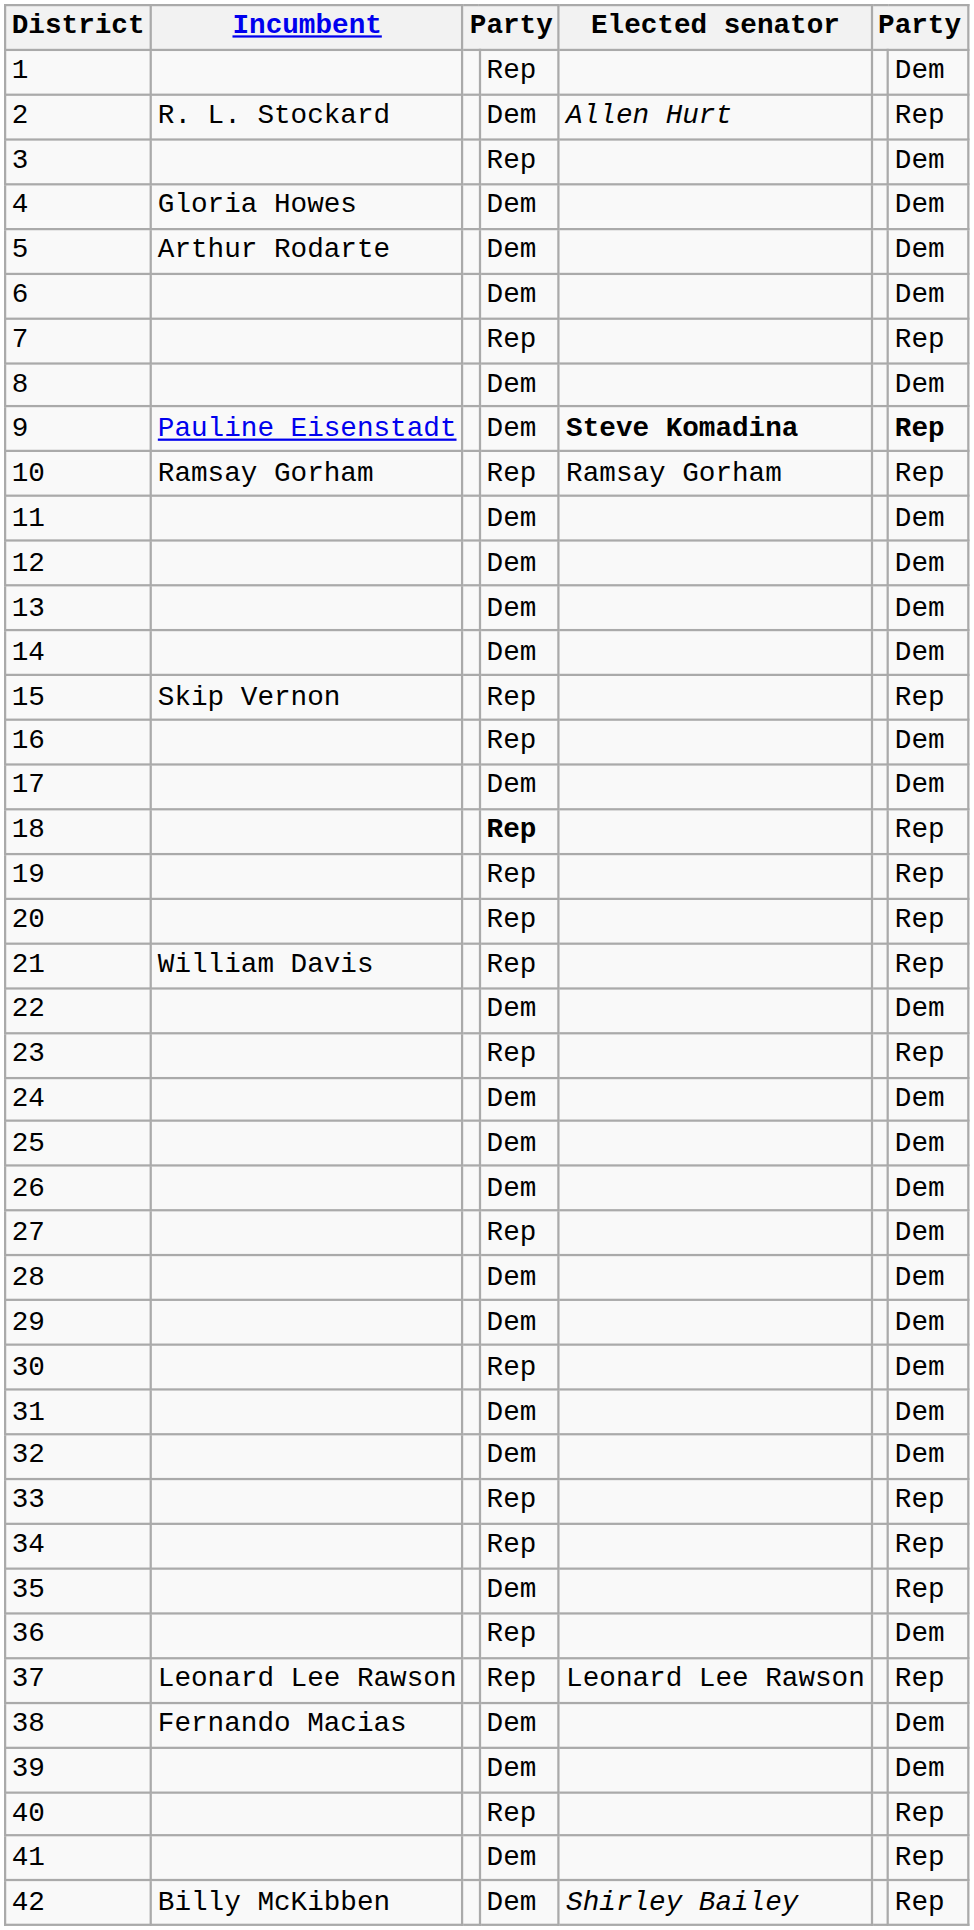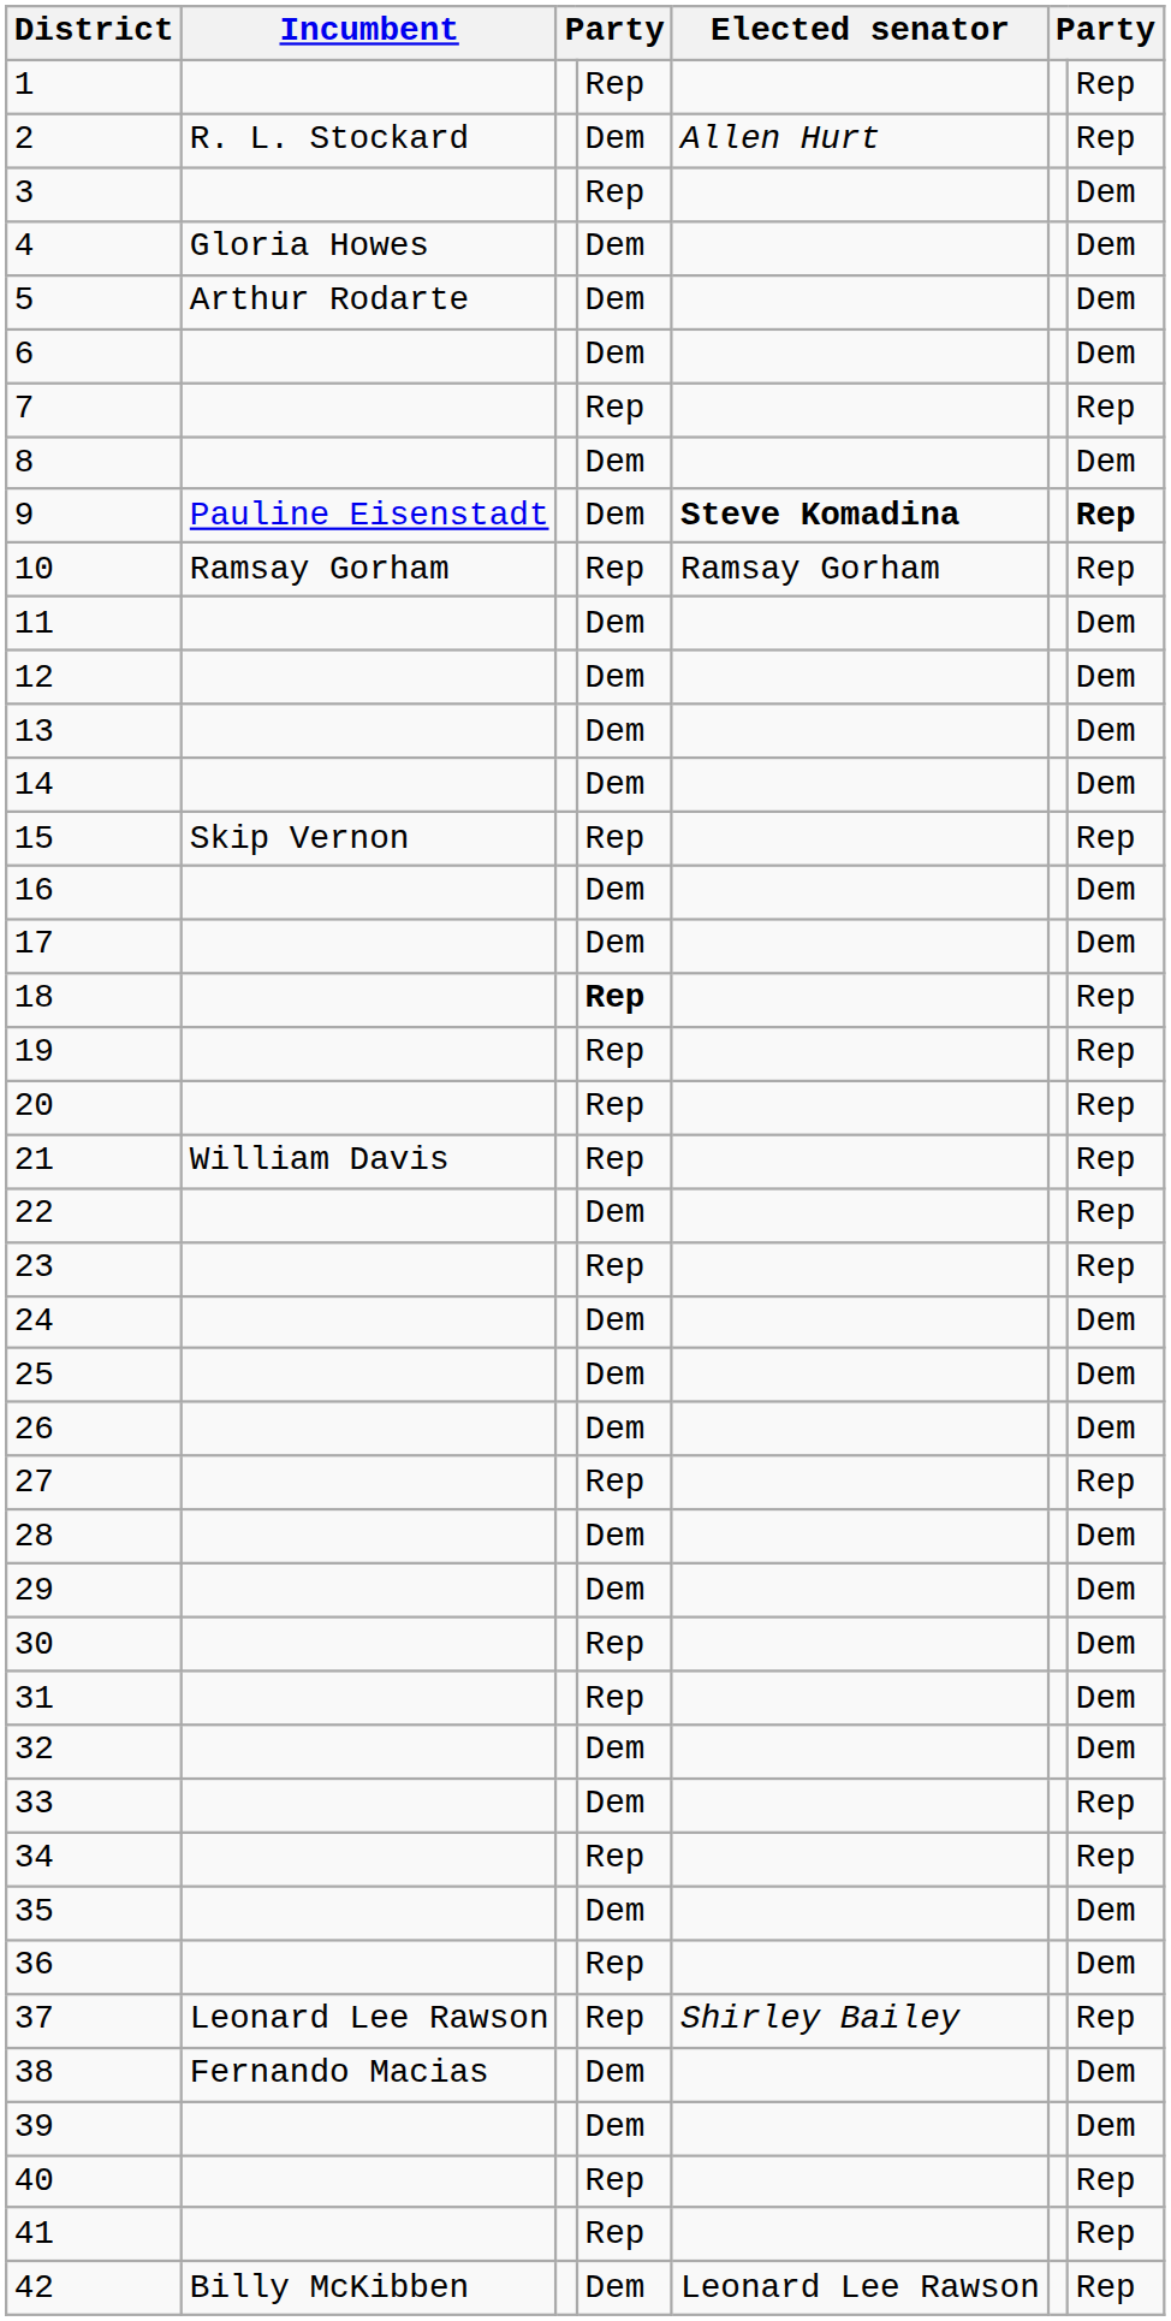 <table class="wikitable sortable" style="font-size:95%;line-height:14px;">
 <tr>
 <th>District</th>
 <th><a href='#'>Incumbent</a></th>
 <th colspan=2>Party</th>
 <th>Elected senator</th>
 <th colspan=2>Party</th>
 </tr>
 <tr>
 <td>1</td>
 <td></td>
 <td style="background:"></td>
 <td>Rep</td>
 <td><em></em></td>
 <td style="background:"></td>
-<td>Dem</td>
+<td>Rep</td>
 </tr>
 <tr>
 <td>2</td>
 <td>R. L. Stockard</td>
 <td style="background:"></td>
 <td>Dem</td>
 <td><em>Allen Hurt</em></td>
 <td style="background:"></td>
 <td>Rep</td>
 </tr>
 <tr>
 <td>3</td>
 <td></td>
 <td style="background:"></td>
 <td>Rep</td>
 <td></td>
 <td style="background:"></td>
 <td>Dem</td>
 </tr>
 <tr>
 <td>4</td>
 <td>Gloria Howes</td>
 <td style="background:"></td>
 <td>Dem</td>
 <td><em></em></td>
 <td style="background:"></td>
 <td>Dem</td>
 </tr>
 <tr>
 <td>5</td>
 <td>Arthur Rodarte</td>
 <td style="background:"></td>
 <td>Dem</td>
 <td><em></em></td>
 <td style="background:"></td>
 <td>Dem</td>
 </tr>
 <tr>
 <td>6</td>
 <td></td>
 <td style="background:"></td>
 <td>Dem</td>
 <td></td>
 <td style="background:"></td>
 <td>Dem</td>
 </tr>
 <tr>
 <td>7</td>
 <td></td>
 <td style="background:"></td>
 <td>Rep</td>
 <td></td>
 <td style="background:"></td>
 <td>Rep</td>
 </tr>
 <tr>
 <td>8</td>
 <td></td>
 <td style="background:"></td>
 <td>Dem</td>
 <td></td>
 <td style="background:"></td>
 <td>Dem</td>
 </tr>
 <tr>
 <td>9</td>
 <td><a href='#'>Pauline Eisenstadt</a></td>
 <td style="background:"></td>
 <td>Dem</td>
 <td><strong>Steve Komadina</strong></td>
 <td style="background:"></td>
 <td><strong>Rep</strong></td>
 </tr>
 <tr>
 <td>10</td>
 <td>Ramsay Gorham</td>
 <td style="background:"></td>
 <td>Rep</td>
 <td>Ramsay Gorham</td>
 <td style="background:"></td>
 <td>Rep</td>
 </tr>
 <tr>
 <td>11</td>
 <td></td>
 <td style="background:"></td>
 <td>Dem</td>
 <td></td>
 <td style="background:"></td>
 <td>Dem</td>
 </tr>
 <tr>
 <td>12</td>
 <td></td>
 <td style="background:"></td>
 <td>Dem</td>
 <td></td>
 <td style="background:"></td>
 <td>Dem</td>
 </tr>
 <tr>
 <td>13</td>
 <td></td>
 <td style="background:"></td>
 <td>Dem</td>
 <td></td>
 <td style="background:"></td>
 <td>Dem</td>
 </tr>
 <tr>
 <td>14</td>
 <td></td>
 <td style="background:"></td>
 <td>Dem</td>
 <td></td>
 <td style="background:"></td>
 <td>Dem</td>
 </tr>
 <tr>
 <td>15</td>
 <td>Skip Vernon</td>
 <td style="background:"></td>
 <td>Rep</td>
 <td><em></em></td>
 <td style="background:"></td>
 <td>Rep</td>
 </tr>
 <tr>
 <td>16</td>
 <td></td>
 <td style="background:"></td>
-<td>Rep</td>
+<td>Dem</td>
 <td></td>
 <td style="background:"></td>
 <td>Dem</td>
 </tr>
 <tr>
 <td>17</td>
 <td></td>
 <td style="background:"></td>
 <td>Dem</td>
 <td></td>
 <td style="background:"></td>
 <td>Dem</td>
 </tr>
 <tr>
 <td>18</td>
 <td></td>
 <td style="background:"></td>
 <td><strong>Rep</strong></td>
 <td></td>
 <td style="background:"></td>
 <td>Rep</td>
 </tr>
 <tr>
 <td>19</td>
 <td></td>
 <td style="background:"></td>
 <td>Rep</td>
 <td></td>
 <td style="background:"></td>
 <td>Rep</td>
 </tr>
 <tr>
 <td>20</td>
 <td></td>
 <td style="background:"></td>
 <td>Rep</td>
 <td></td>
 <td style="background:"></td>
 <td>Rep</td>
 </tr>
 <tr>
 <td>21</td>
 <td>William Davis</td>
 <td style="background:"></td>
 <td>Rep</td>
 <td><em></em></td>
 <td style="background:"></td>
 <td>Rep</td>
 </tr>
 <tr>
 <td>22</td>
 <td></td>
 <td style="background:"></td>
 <td>Dem</td>
 <td></td>
 <td style="background:"></td>
-<td>Dem</td>
+<td>Rep</td>
 </tr>
 <tr>
 <td>23</td>
 <td></td>
 <td style="background:"></td>
 <td>Rep</td>
 <td></td>
 <td style="background:"></td>
 <td>Rep</td>
 </tr>
 <tr>
 <td>24</td>
 <td></td>
 <td style="background:"></td>
 <td>Dem</td>
 <td></td>
 <td style="background:"></td>
 <td>Dem</td>
 </tr>
 <tr>
 <td>25</td>
 <td></td>
 <td style="background:"></td>
 <td>Dem</td>
 <td></td>
 <td style="background:"></td>
 <td>Dem</td>
 </tr>
 <tr>
 <td>26</td>
 <td></td>
 <td style="background:"></td>
 <td>Dem</td>
 <td><em></em></td>
 <td style="background:"></td>
 <td>Dem</td>
 </tr>
 <tr>
 <td>27</td>
 <td></td>
 <td style="background:"></td>
 <td>Rep</td>
 <td></td>
 <td style="background:"></td>
-<td>Dem</td>
+<td>Rep</td>
 </tr>
 <tr>
 <td>28</td>
 <td></td>
 <td style="background:"></td>
 <td>Dem</td>
 <td></td>
 <td style="background:"></td>
 <td>Dem</td>
 </tr>
 <tr>
 <td>29</td>
 <td></td>
 <td style="background:"></td>
 <td>Dem</td>
 <td></td>
 <td style="background:"></td>
 <td>Dem</td>
 </tr>
 <tr>
 <td>30</td>
 <td></td>
 <td style="background:"></td>
 <td>Rep</td>
 <td></td>
 <td style="background:"></td>
 <td>Dem</td>
 </tr>
 <tr>
 <td>31</td>
 <td></td>
 <td style="background:"></td>
-<td>Dem</td>
+<td>Rep</td>
 <td></td>
 <td style="background:"></td>
 <td>Dem</td>
 </tr>
 <tr>
 <td>32</td>
 <td></td>
 <td style="background:"></td>
 <td>Dem</td>
 <td></td>
 <td style="background:"></td>
 <td>Dem</td>
 </tr>
 <tr>
 <td>33</td>
 <td></td>
 <td style="background:"></td>
-<td>Rep</td>
+<td>Dem</td>
 <td></td>
 <td style="background:"></td>
 <td>Rep</td>
 </tr>
 <tr>
 <td>34</td>
 <td></td>
 <td style="background:"></td>
 <td>Rep</td>
 <td></td>
 <td style="background:"></td>
 <td>Rep</td>
 </tr>
 <tr>
 <td>35</td>
 <td></td>
 <td style="background:"></td>
 <td>Dem</td>
 <td></td>
 <td style="background:"></td>
-<td>Rep</td>
+<td>Dem</td>
 </tr>
 <tr>
 <td>36</td>
 <td></td>
 <td style="background:"></td>
 <td>Rep</td>
 <td></td>
 <td style="background:"></td>
 <td>Dem</td>
 </tr>
 <tr>
 <td>37</td>
 <td>Leonard Lee Rawson</td>
 <td style="background:"></td>
 <td>Rep</td>
-<td>Leonard Lee Rawson</td>
+<td><em>Shirley Bailey</em></td>
 <td style="background:"></td>
 <td>Rep</td>
 </tr>
 <tr>
 <td>38</td>
 <td>Fernando Macias</td>
 <td style="background:"></td>
 <td>Dem</td>
 <td><em></em></td>
 <td style="background:"></td>
 <td>Dem</td>
 </tr>
 <tr>
 <td>39</td>
 <td></td>
 <td style="background:"></td>
 <td>Dem</td>
 <td></td>
 <td style="background:"></td>
 <td>Dem</td>
 </tr>
 <tr>
 <td>40</td>
 <td></td>
 <td style="background:"></td>
 <td>Rep</td>
 <td></td>
 <td style="background:"></td>
 <td>Rep</td>
 </tr>
 <tr>
 <td>41</td>
 <td></td>
 <td style="background:"></td>
-<td>Dem</td>
+<td>Rep</td>
 <td></td>
 <td style="background:"></td>
 <td>Rep</td>
 </tr>
 <tr>
 <td>42</td>
 <td>Billy McKibben</td>
 <td style="background:"></td>
 <td>Dem</td>
-<td><em>Shirley Bailey</em></td>
+<td>Leonard Lee Rawson</td>
 <td style="background:"></td>
 <td>Rep</td>
 </tr>
 </table>
